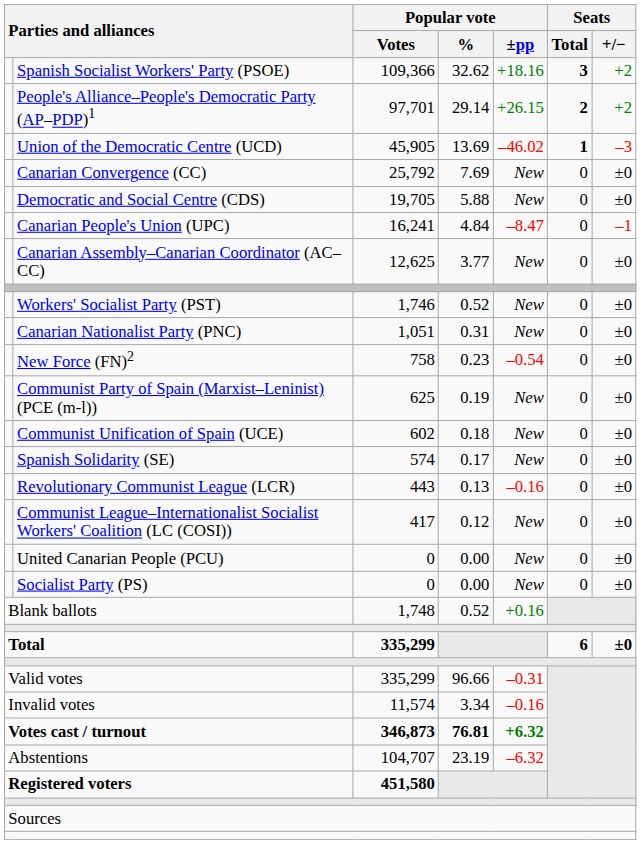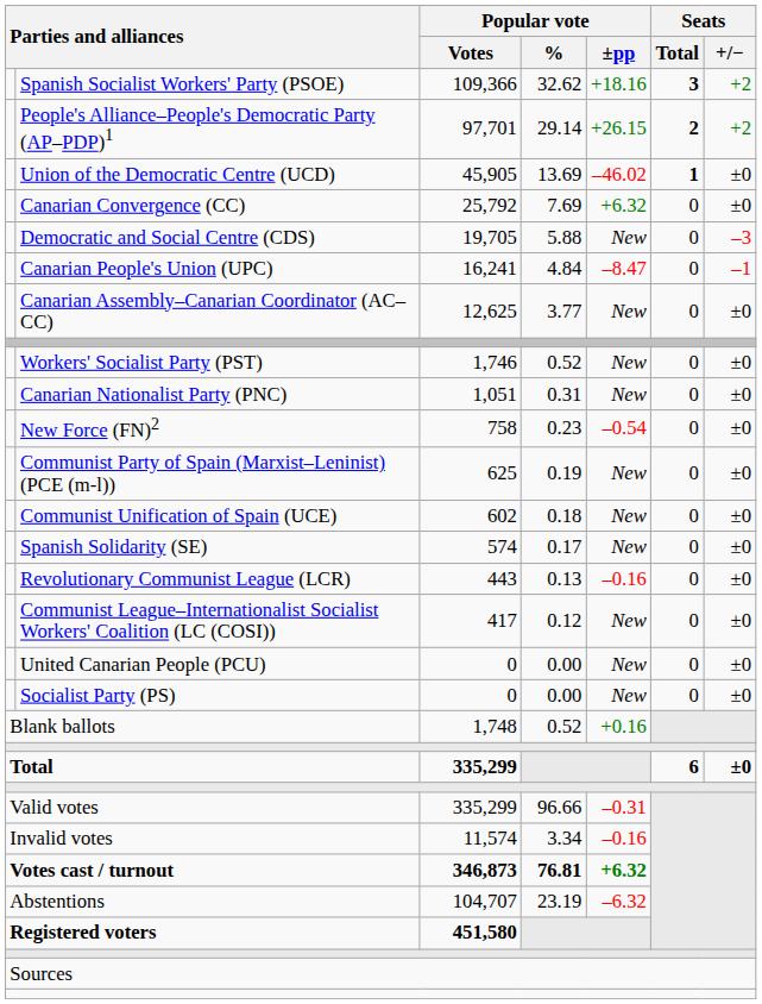 <table class="wikitable" style="text-align:right;">
 <tr>
 <th style="text-align:left;" rowspan="2" colspan="2" width="525">Parties and alliances</th>
 <th colspan="3">Popular vote</th>
 <th colspan="2">Seats</th>
 </tr>
 <tr>
 <th width="75">Votes</th>
 <th width="45">%</th>
 <th width="45">±<a href='#'>pp</a></th>
 <th width="35">Total</th>
 <th width="35">+/−</th>
 </tr>
 <tr>
 <td width="1" style="color:inherit;background:"></td>
 <td align="left"><a href='#'>Spanish Socialist Workers' Party</a> (PSOE)</td>
 <td>109,366</td>
 <td>32.62</td>
 <td style="color:green;">+18.16</td>
 <td><strong>3</strong></td>
 <td style="color:green;">+2</td>
 </tr>
 <tr>
 <td style="color:inherit;background:"></td>
 <td align="left"><a href='#'>People's Alliance–People's Democratic Party</a> (<a href='#'>AP</a>–<a href='#'>PDP</a>)<sup>1</sup></td>
 <td>97,701</td>
 <td>29.14</td>
 <td style="color:green;">+26.15</td>
 <td><strong>2</strong></td>
 <td style="color:green;">+2</td>
 </tr>
 <tr>
 <td style="color:inherit;background:"></td>
 <td align="left"><a href='#'>Union of the Democratic Centre</a> (UCD)</td>
 <td>45,905</td>
 <td>13.69</td>
 <td style="color:red;">–46.02</td>
 <td><strong>1</strong></td>
-<td style="color:red;">–3</td>
+<td>±0</td>
 </tr>
 <tr>
 <td style="color:inherit;background:"></td>
 <td align="left"><a href='#'>Canarian Convergence</a> (CC)</td>
 <td>25,792</td>
 <td>7.69</td>
-<td><em>New</em></td>
+<td style="color:green;">+6.32</td>
 <td>0</td>
 <td>±0</td>
 </tr>
 <tr>
 <td style="color:inherit;background:"></td>
 <td align="left"><a href='#'>Democratic and Social Centre</a> (CDS)</td>
 <td>19,705</td>
 <td>5.88</td>
 <td><em>New</em></td>
 <td>0</td>
-<td>±0</td>
+<td style="color:red;">–3</td>
 </tr>
 <tr>
 <td style="color:inherit;background:"></td>
 <td align="left"><a href='#'>Canarian People's Union</a> (UPC)</td>
 <td>16,241</td>
 <td>4.84</td>
 <td style="color:red;">–8.47</td>
 <td>0</td>
 <td style="color:red;">–1</td>
 </tr>
 <tr>
 <td style="color:inherit;background:"></td>
 <td align="left"><a href='#'>Canarian Assembly–Canarian Coordinator</a> (AC–CC)</td>
 <td>12,625</td>
 <td>3.77</td>
 <td><em>New</em></td>
 <td>0</td>
 <td>±0</td>
 </tr>
 <tr>
 <td colspan="7" bgcolor="#C0C0C0"></td>
 </tr>
 <tr>
 <td style="color:inherit;background:"></td>
 <td align="left"><a href='#'>Workers' Socialist Party</a> (PST)</td>
 <td>1,746</td>
 <td>0.52</td>
 <td><em>New</em></td>
 <td>0</td>
 <td>±0</td>
 </tr>
 <tr>
 <td style="color:inherit;background:"></td>
 <td align="left"><a href='#'>Canarian Nationalist Party</a> (PNC)</td>
 <td>1,051</td>
 <td>0.31</td>
 <td><em>New</em></td>
 <td>0</td>
 <td>±0</td>
 </tr>
 <tr>
 <td style="color:inherit;background:"></td>
 <td align="left"><a href='#'>New Force</a> (FN)<sup>2</sup></td>
 <td>758</td>
 <td>0.23</td>
 <td style="color:red;">–0.54</td>
 <td>0</td>
 <td>±0</td>
 </tr>
 <tr>
 <td style="color:inherit;background:"></td>
 <td align="left"><a href='#'>Communist Party of Spain (Marxist–Leninist)</a> (PCE (m-l))</td>
 <td>625</td>
 <td>0.19</td>
 <td><em>New</em></td>
 <td>0</td>
 <td>±0</td>
 </tr>
 <tr>
 <td style="color:inherit;background:"></td>
 <td align="left"><a href='#'>Communist Unification of Spain</a> (UCE)</td>
 <td>602</td>
 <td>0.18</td>
 <td><em>New</em></td>
 <td>0</td>
 <td>±0</td>
 </tr>
 <tr>
 <td style="color:inherit;background:"></td>
 <td align="left"><a href='#'>Spanish Solidarity</a> (SE)</td>
 <td>574</td>
 <td>0.17</td>
 <td><em>New</em></td>
 <td>0</td>
 <td>±0</td>
 </tr>
 <tr>
 <td style="color:inherit;background:"></td>
 <td align="left"><a href='#'>Revolutionary Communist League</a> (LCR)</td>
 <td>443</td>
 <td>0.13</td>
 <td style="color:red;">–0.16</td>
 <td>0</td>
 <td>±0</td>
 </tr>
 <tr>
 <td style="color:inherit;background:"></td>
 <td align="left"><a href='#'>Communist League–Internationalist Socialist Workers' Coalition</a> (LC (COSI))</td>
 <td>417</td>
 <td>0.12</td>
 <td><em>New</em></td>
 <td>0</td>
 <td>±0</td>
 </tr>
 <tr>
 <td style="color:inherit;background:"></td>
 <td align="left">United Canarian People (PCU)</td>
 <td>0</td>
 <td>0.00</td>
 <td><em>New</em></td>
 <td>0</td>
 <td>±0</td>
 </tr>
 <tr>
 <td style="color:inherit;background:"></td>
 <td align="left"><a href='#'>Socialist Party</a> (PS)</td>
 <td>0</td>
 <td>0.00</td>
 <td><em>New</em></td>
 <td>0</td>
 <td>±0</td>
 </tr>
 <tr>
 <td align="left" colspan="2">Blank ballots</td>
 <td>1,748</td>
 <td>0.52</td>
 <td style="color:green;">+0.16</td>
 <td bgcolor="#E9E9E9" colspan="2"></td>
 </tr>
 <tr>
 <td colspan="7" bgcolor="#E9E9E9"></td>
 </tr>
 <tr style="font-weight:bold;">
 <td align="left" colspan="2">Total</td>
 <td>335,299</td>
 <td bgcolor="#E9E9E9" colspan="2"></td>
 <td>6</td>
 <td>±0</td>
 </tr>
 <tr>
 <td colspan="7" bgcolor="#E9E9E9"></td>
 </tr>
 <tr>
 <td align="left" colspan="2">Valid votes</td>
 <td>335,299</td>
 <td>96.66</td>
 <td style="color:red;">–0.31</td>
 <td bgcolor="#E9E9E9" colspan="2" rowspan="5"></td>
 </tr>
 <tr>
 <td align="left" colspan="2">Invalid votes</td>
 <td>11,574</td>
 <td>3.34</td>
 <td style="color:red;">–0.16</td>
 </tr>
 <tr style="font-weight:bold;">
 <td align="left" colspan="2">Votes cast / turnout</td>
 <td>346,873</td>
 <td>76.81</td>
 <td style="color:green;">+6.32</td>
 </tr>
 <tr>
 <td align="left" colspan="2">Abstentions</td>
 <td>104,707</td>
 <td>23.19</td>
 <td style="color:red;">–6.32</td>
 </tr>
 <tr style="font-weight:bold;">
 <td align="left" colspan="2">Registered voters</td>
 <td>451,580</td>
 <td bgcolor="#E9E9E9" colspan="2"></td>
 </tr>
 <tr>
 <td colspan="7" bgcolor="#E9E9E9"></td>
 </tr>
 <tr>
 <td align="left" colspan="7">Sources</td>
 </tr>
 <tr>
 <td colspan="7" style="text-align:left; max-width:790px;"></td>
 </tr>
 </table>
